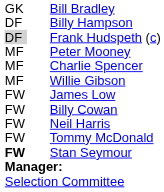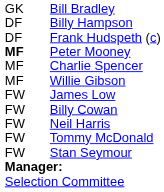 <table style="font-size:90%; margin:0.2em auto;" cellspacing="0" cellpadding="0">
 <tr>
 <th width="25"></th>
 <th width="25"></th>
 </tr>
 <tr>
 <td>GK</td>
 <td></td>
 <td> <a href='#'>Bill Bradley</a></td>
 </tr>
 <tr>
 <td>DF</td>
 <td></td>
 <td> <a href='#'>Billy Hampson</a></td>
 </tr>
 <tr>
-<td style="background: lightgrey;">DF</td>
+<td>DF</td>
 <td></td>
 <td> <a href='#'>Frank Hudspeth</a> (<a href='#'>c</a>)</td>
 </tr>
 <tr>
-<td>MF</td>
+<td><strong>MF</strong></td>
 <td></td>
 <td> <a href='#'>Peter Mooney</a></td>
 </tr>
 <tr>
 <td>MF</td>
 <td></td>
 <td> <a href='#'>Charlie Spencer</a></td>
 </tr>
 <tr>
 <td>MF</td>
 <td></td>
 <td> <a href='#'>Willie Gibson</a></td>
 </tr>
 <tr>
 <td>FW</td>
 <td></td>
 <td> <a href='#'>James Low</a></td>
 </tr>
 <tr>
 <td>FW</td>
 <td></td>
 <td> <a href='#'>Billy Cowan</a></td>
 </tr>
 <tr>
 <td>FW</td>
 <td></td>
 <td> <a href='#'>Neil Harris</a></td>
 </tr>
 <tr>
 <td>FW</td>
 <td></td>
 <td> <a href='#'>Tommy McDonald</a></td>
 </tr>
 <tr>
-<td><strong>FW</strong></td>
+<td>FW</td>
 <td></td>
 <td> <a href='#'>Stan Seymour</a></td>
 </tr>
 <tr>
 <td colspan=3><strong>Manager:</strong></td>
 </tr>
 <tr>
 <td colspan="4"><a href='#'>Selection Committee</a></td>
 </tr>
 </table>
